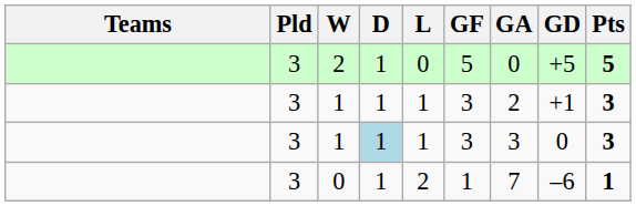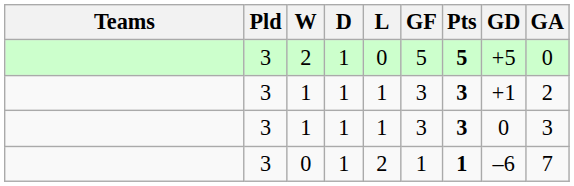 <table class="wikitable" style="text-align: center;">
 <tr>
 <th width=165>Teams</th>
 <th width=20>Pld</th>
 <th width=20>W</th>
 <th width=20>D</th>
 <th width=20>L</th>
 <th width=20>GF</th>
+<th width=20>Pts</th>
+<th width=20>GD</th>
 <th width=20>GA</th>
-<th width=20>GD</th>
-<th width=20>Pts</th>
 </tr>
 <tr align=center style="background:#ccffcc;">
 <td style="text-align:left;"></td>
 <td>3</td>
 <td>2</td>
 <td>1</td>
 <td>0</td>
 <td>5</td>
+<td><strong>5</strong></td>
+<td>+5</td>
 <td>0</td>
-<td>+5</td>
-<td><strong>5</strong></td>
 </tr>
 <tr align=center>
 <td style="text-align:left;"></td>
 <td>3</td>
 <td>1</td>
 <td>1</td>
 <td>1</td>
 <td>3</td>
+<td><strong>3</strong></td>
+<td>+1</td>
 <td>2</td>
-<td>+1</td>
-<td><strong>3</strong></td>
 </tr>
 <tr align=center>
 <td style="text-align:left;"></td>
 <td>3</td>
 <td>1</td>
-<td style="background: lightblue;">1</td>
+<td>1</td>
 <td>1</td>
 <td>3</td>
+<td><strong>3</strong></td>
+<td>0</td>
 <td>3</td>
-<td>0</td>
-<td><strong>3</strong></td>
 </tr>
 <tr align=center>
 <td style="text-align:left;"></td>
 <td>3</td>
 <td>0</td>
 <td>1</td>
 <td>2</td>
 <td>1</td>
+<td><strong>1</strong></td>
+<td>–6</td>
 <td>7</td>
-<td>–6</td>
-<td><strong>1</strong></td>
 </tr>
 </table>
